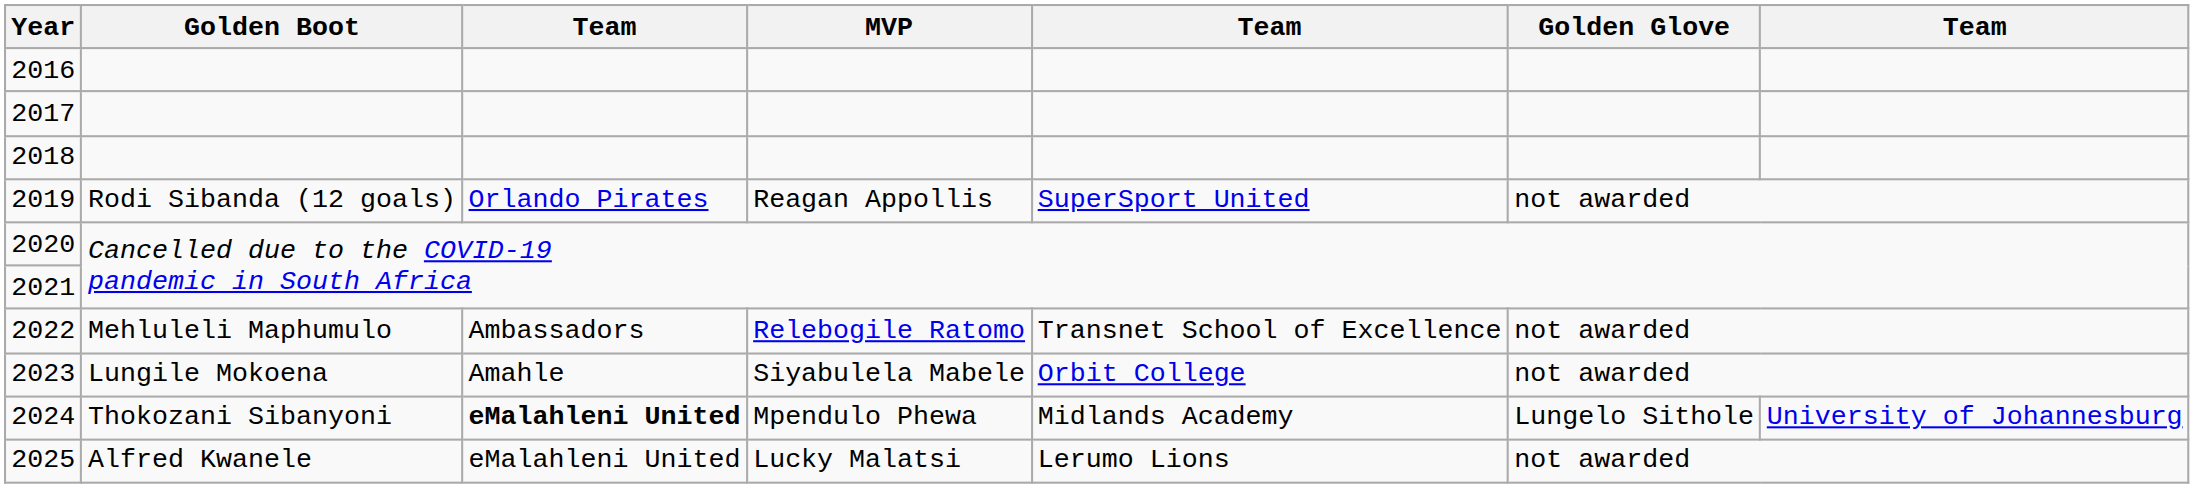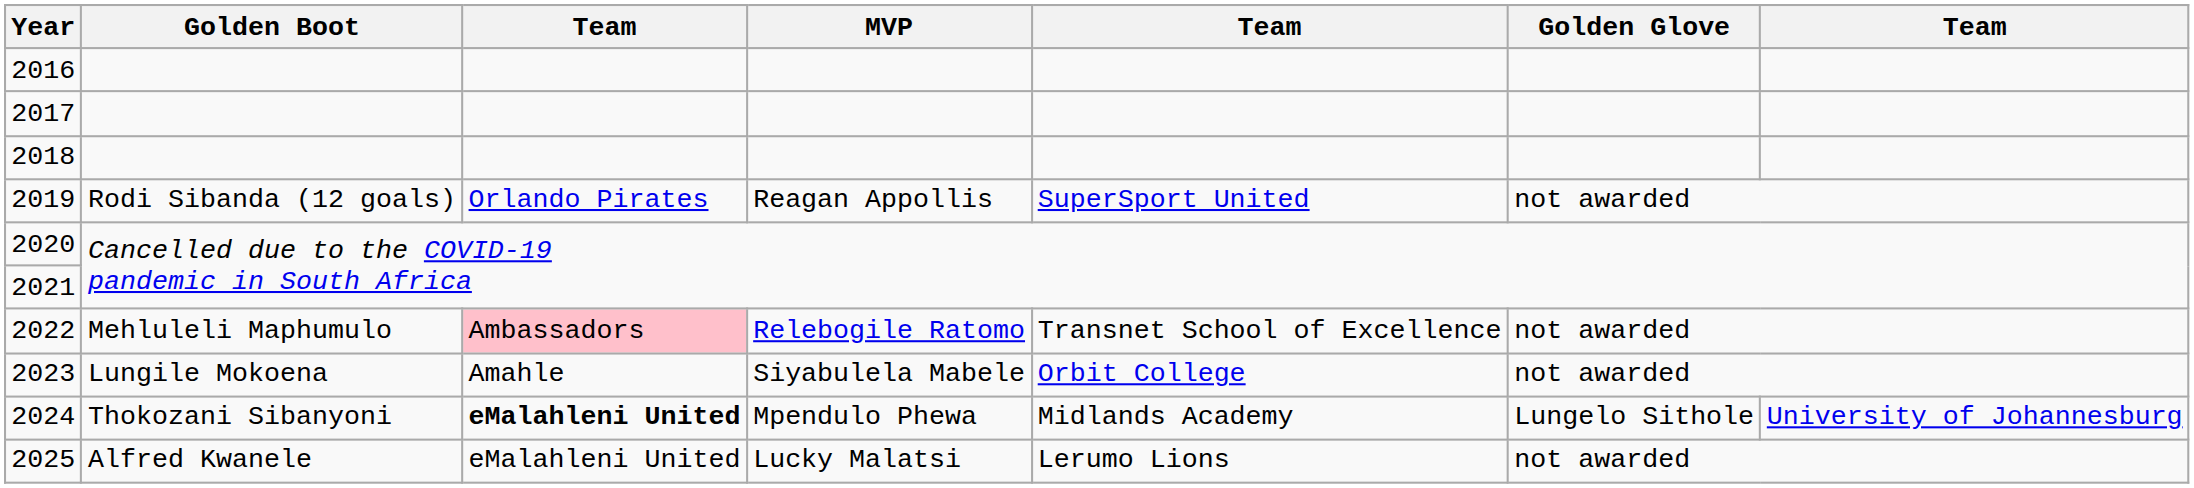 <table class="wikitable">
 <tr>
 <th>Year</th>
 <th>Golden Boot</th>
 <th>Team</th>
 <th>MVP</th>
 <th>Team</th>
 <th>Golden Glove</th>
 <th>Team</th>
 </tr>
 <tr>
 <td>2016</td>
 <td></td>
 <td></td>
 <td></td>
 <td></td>
 <td></td>
 <td></td>
 </tr>
 <tr>
 <td>2017</td>
 <td></td>
 <td></td>
 <td></td>
 <td></td>
 <td></td>
 <td></td>
 </tr>
 <tr>
 <td>2018</td>
 <td></td>
 <td></td>
 <td></td>
 <td></td>
 <td></td>
 <td></td>
 </tr>
 <tr>
 <td>2019</td>
 <td>Rodi Sibanda (12 goals)</td>
 <td><a href='#'>Orlando Pirates</a></td>
 <td>Reagan Appollis</td>
 <td><a href='#'>SuperSport United</a></td>
 <td colspan="2">not awarded</td>
 </tr>
 <tr>
 <td>2020</td>
 <td colspan="6" rowspan="2"><em>Cancelled due to the <a href='#'>COVID-19</a></em><br><em><a href='#'>pandemic in South Africa</a></em></td>
 </tr>
 <tr>
 <td>2021</td>
 </tr>
 <tr>
 <td>2022</td>
 <td>Mehluleli Maphumulo</td>
-<td>Ambassadors</td>
+<td style="background: pink;">Ambassadors</td>
 <td><a href='#'>Relebogile Ratomo</a></td>
 <td>Transnet School of Excellence</td>
 <td colspan="2">not awarded</td>
 </tr>
 <tr>
 <td>2023</td>
 <td>Lungile Mokoena</td>
 <td>Amahle</td>
 <td>Siyabulela Mabele</td>
 <td><a href='#'>Orbit College</a></td>
 <td colspan="2">not awarded</td>
 </tr>
 <tr>
 <td>2024</td>
 <td>Thokozani Sibanyoni</td>
 <td><strong>eMalahleni United</strong></td>
 <td>Mpendulo Phewa</td>
 <td>Midlands Academy</td>
 <td>Lungelo Sithole</td>
 <td><a href='#'>University of Johannesburg</a></td>
 </tr>
 <tr>
 <td>2025</td>
 <td>Alfred Kwanele</td>
 <td>eMalahleni United</td>
 <td>Lucky Malatsi</td>
 <td>Lerumo Lions</td>
 <td colspan="2">not awarded</td>
 </tr>
 </table>
